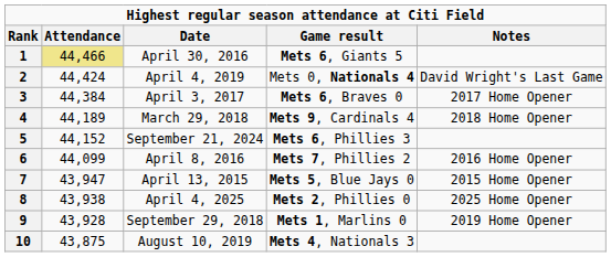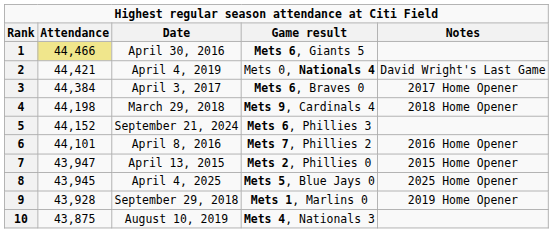 <table class="wikitable" style="text-align:center">
 <tr>
 <td colspan="5"><strong>Highest regular season attendance at Citi Field</strong></td>
 </tr>
 <tr>
 <th>Rank</th>
 <th>Attendance</th>
 <th>Date</th>
 <th>Game result</th>
 <th>Notes</th>
 </tr>
 <tr>
 <th>1</th>
 <td style="background: khaki;">44,466</td>
 <td>April 30, 2016</td>
 <td><strong>Mets 6</strong>, Giants 5</td>
 <td></td>
 </tr>
 <tr>
 <th>2</th>
-<td>44,424</td>
+<td>44,421</td>
 <td>April 4, 2019</td>
 <td>Mets 0, <strong>Nationals 4</strong></td>
 <td>David Wright's Last Game</td>
 </tr>
 <tr>
 <th>3</th>
 <td>44,384</td>
 <td>April 3, 2017</td>
 <td><strong>Mets 6</strong>, Braves 0</td>
 <td>2017 Home Opener</td>
 </tr>
 <tr>
 <th>4</th>
-<td>44,189</td>
+<td>44,198</td>
 <td>March 29, 2018</td>
 <td><strong>Mets 9</strong>, Cardinals 4</td>
 <td>2018 Home Opener</td>
 </tr>
 <tr>
 <th>5</th>
 <td>44,152</td>
 <td>September 21, 2024</td>
 <td><strong>Mets 6</strong>, Phillies 3</td>
 <td></td>
 </tr>
 <tr>
 <th>6</th>
-<td>44,099</td>
+<td>44,101</td>
 <td>April 8, 2016</td>
 <td><strong>Mets 7</strong>, Phillies 2</td>
 <td>2016 Home Opener</td>
 </tr>
 <tr>
 <th>7</th>
 <td>43,947</td>
 <td>April 13, 2015</td>
-<td><strong>Mets 5</strong>, Blue Jays 0</td>
+<td><strong>Mets 2</strong>, Phillies 0</td>
 <td>2015 Home Opener</td>
 </tr>
 <tr>
 <th>8</th>
-<td>43,938</td>
+<td>43,945</td>
 <td>April 4, 2025</td>
-<td><strong>Mets 2</strong>, Phillies 0</td>
+<td><strong>Mets 5</strong>, Blue Jays 0</td>
 <td>2025 Home Opener</td>
 </tr>
 <tr>
 <th>9</th>
 <td>43,928</td>
 <td>September 29, 2018</td>
 <td><strong>Mets 1</strong>, Marlins 0</td>
 <td>2019 Home Opener</td>
 </tr>
 <tr>
 <th>10</th>
 <td>43,875</td>
 <td>August 10, 2019</td>
 <td><strong>Mets 4</strong>, Nationals 3</td>
 <td></td>
 </tr>
 </table>
